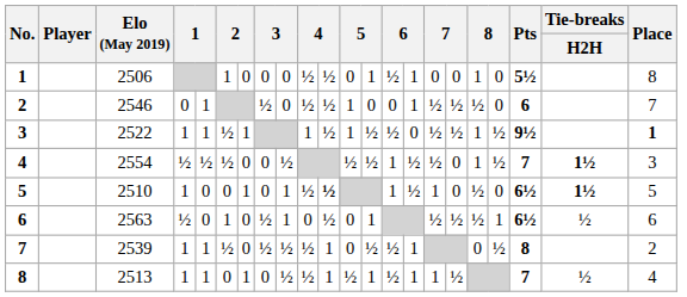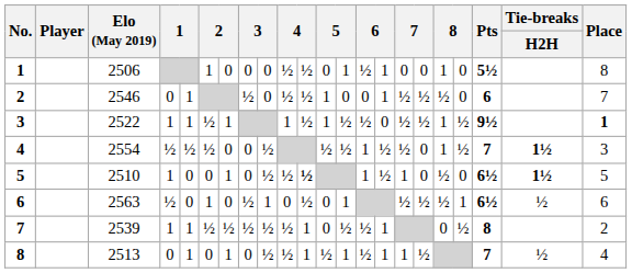 <table class="wikitable" style="font-size:85%;">
 <tr>
 <th rowspan="2">No.</th>
 <th rowspan="2">Player</th>
 <th rowspan="2">Elo<br><small>(May 2019) </small></th>
 <th colspan="2" rowspan="2">1</th>
 <th colspan="2" rowspan="2">2</th>
 <th colspan="2" rowspan="2">3</th>
 <th colspan="2" rowspan="2">4</th>
 <th colspan="2" rowspan="2">5</th>
 <th colspan="2" rowspan="2">6</th>
 <th colspan="2" rowspan="2">7</th>
 <th colspan="2" rowspan="2">8</th>
 <th rowspan="2">Pts</th>
 <th>Tie-breaks</th>
 <th rowspan="2">Place</th>
 </tr>
 <tr>
 <th>H2H</th>
 </tr>
 <tr style="text-align:center; background:white; color:black;">
 <td><strong>1</strong></td>
 <td align="left"></td>
 <td>2506</td>
 <td colspan="2" style="background:lightgrey;"></td>
 <td>1</td>
 <td>0</td>
 <td>0</td>
 <td>0</td>
 <td>½</td>
 <td>½</td>
 <td>0</td>
 <td>1</td>
 <td>½</td>
 <td>1</td>
 <td>0</td>
 <td>0</td>
 <td>1</td>
 <td>0</td>
 <td><strong>5½</strong></td>
 <td></td>
 <td>8</td>
 </tr>
 <tr style="text-align:center; background:white; color:black;">
 <td><strong>2</strong></td>
 <td align="left"></td>
 <td>2546</td>
 <td>0</td>
 <td>1</td>
 <td colspan="2" style="background:lightgrey;"></td>
 <td>½</td>
 <td>0</td>
 <td>½</td>
 <td>½</td>
 <td>1</td>
 <td>0</td>
 <td>0</td>
 <td>1</td>
 <td>½</td>
 <td>½</td>
 <td>½</td>
 <td>0</td>
 <td><strong>6</strong></td>
 <td></td>
 <td>7</td>
 </tr>
 <tr style="text-align:center; background:white; color:black;">
 <td><strong>3</strong></td>
 <td align="left"></td>
 <td>2522</td>
 <td>1</td>
 <td>1</td>
 <td>½</td>
 <td>1</td>
 <td colspan="2" style="background:lightgrey;"></td>
 <td>1</td>
 <td>½</td>
 <td>1</td>
 <td>½</td>
 <td>½</td>
 <td>0</td>
 <td>½</td>
 <td>½</td>
 <td>1</td>
 <td>½</td>
 <td><strong>9½</strong></td>
 <td></td>
 <td><strong>1</strong></td>
 </tr>
 <tr style="text-align:center; background:white; color:black;">
 <td><strong>4</strong></td>
 <td align="left"></td>
 <td>2554</td>
 <td>½</td>
 <td>½</td>
 <td>½</td>
 <td>0</td>
 <td>0</td>
 <td>½</td>
 <td colspan="2" style="background:lightgrey;"></td>
 <td>½</td>
 <td>½</td>
 <td>1</td>
 <td>½</td>
 <td>½</td>
 <td>0</td>
 <td>1</td>
 <td>½</td>
 <td><strong>7</strong></td>
 <td><strong>1½</strong></td>
 <td>3</td>
 </tr>
 <tr style="text-align:center; background:white; color:black;">
 <td><strong>5</strong></td>
 <td align="left"></td>
 <td>2510</td>
 <td>1</td>
 <td>0</td>
 <td>0</td>
 <td>1</td>
 <td>0</td>
-<td>1</td>
+<td>½</td>
 <td>½</td>
 <td><strong>½</strong></td>
 <td colspan="2" style="background:lightgrey;"></td>
 <td>1</td>
 <td>½</td>
 <td>1</td>
 <td>0</td>
 <td>½</td>
 <td>0</td>
 <td><strong>6½</strong></td>
 <td><strong>1½</strong></td>
 <td>5</td>
 </tr>
 <tr style="text-align:center; background:white; color:black;">
 <td><strong>6</strong></td>
 <td align="left"></td>
 <td>2563</td>
 <td>½</td>
 <td>0</td>
 <td>1</td>
 <td>0</td>
 <td>½</td>
 <td>1</td>
 <td>0</td>
 <td>½</td>
 <td>0</td>
 <td>1</td>
 <td colspan="2" style="background:lightgrey;"></td>
 <td>½</td>
 <td>½</td>
 <td>½</td>
 <td>1</td>
 <td><strong>6½</strong></td>
 <td>½</td>
 <td>6</td>
 </tr>
 <tr style="text-align:center; background:white; color:black;">
 <td><strong>7</strong></td>
 <td align="left"></td>
 <td>2539</td>
 <td>1</td>
 <td>1</td>
 <td>½</td>
-<td>0</td>
+<td>½</td>
 <td>½</td>
 <td>½</td>
 <td>½</td>
 <td>1</td>
 <td>0</td>
 <td>½</td>
 <td>½</td>
 <td>1</td>
 <td colspan="2" style="background:lightgrey;"></td>
 <td>0</td>
 <td>½</td>
 <td><strong>8</strong></td>
 <td></td>
 <td>2</td>
 </tr>
 <tr style="text-align:center; background:white; color:black;">
 <td><strong>8</strong></td>
 <td align="left"></td>
 <td>2513</td>
-<td>1</td>
+<td>0</td>
 <td>1</td>
 <td>0</td>
 <td>1</td>
 <td>0</td>
 <td>½</td>
 <td>½</td>
 <td>1</td>
 <td>½</td>
 <td>1</td>
 <td>½</td>
 <td>1</td>
 <td>1</td>
 <td>½</td>
 <td colspan="2" style="background:lightgrey;"></td>
 <td><strong>7</strong></td>
 <td>½</td>
 <td>4</td>
 </tr>
 </table>
